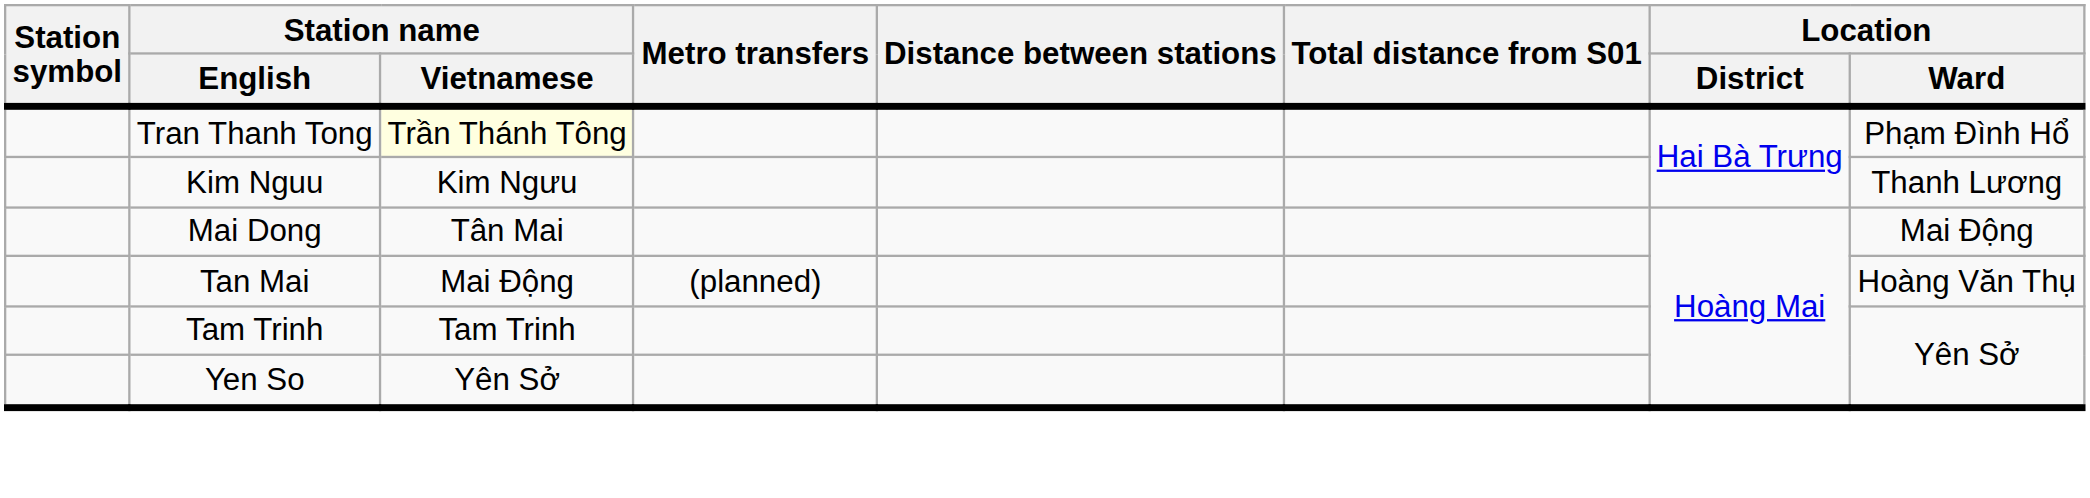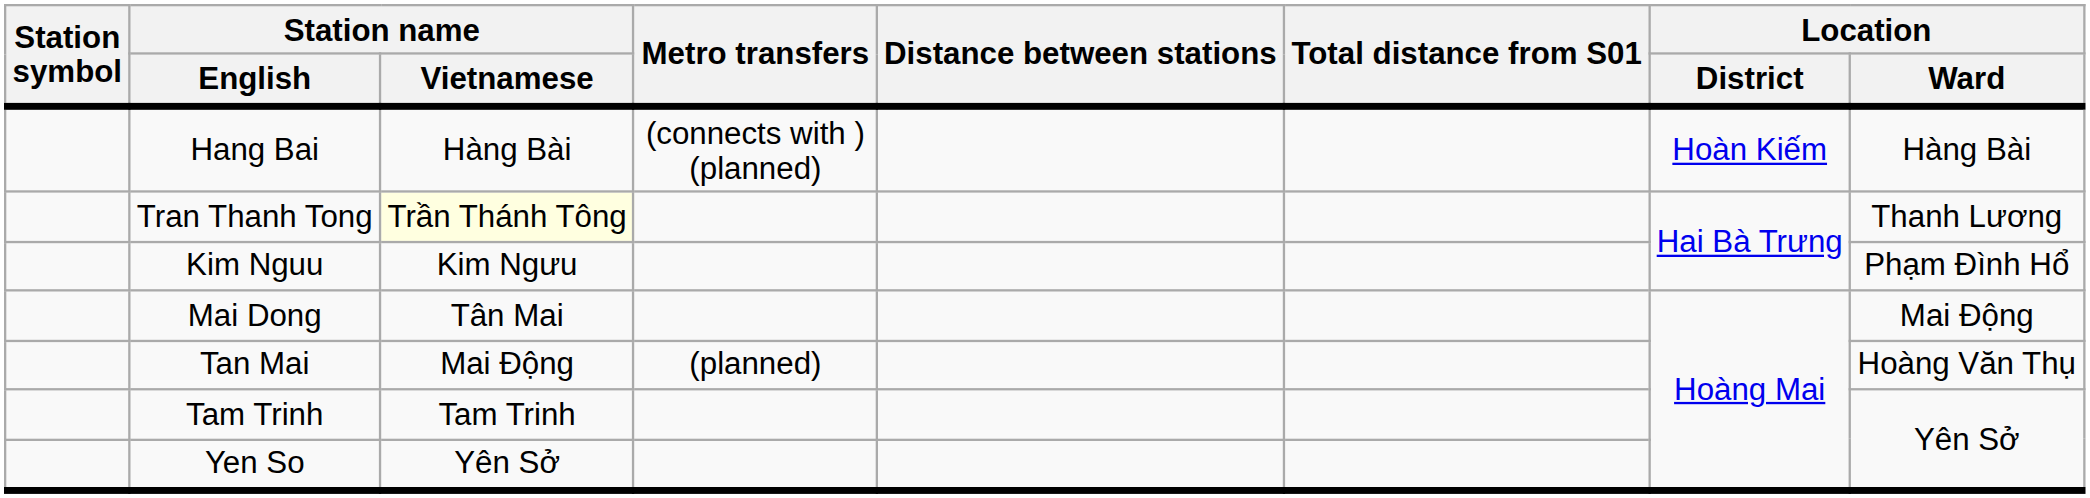 <table class="wikitable" style="font-size: 85%; text-align: center;">
 <tr>
 <th rowspan="2">Station<br>symbol</th>
 <th colspan="2">Station name</th>
 <th rowspan="2">Metro transfers</th>
 <th rowspan="2"><strong>Distance between stations</strong></th>
 <th rowspan="2"><strong>Total distance from S01</strong></th>
 <th colspan="2">Location</th>
 </tr>
 <tr style="border-bottom:solid 0.25em ">
 <th>English</th>
 <th>Vietnamese</th>
 <th>District</th>
 <th>Ward</th>
 </tr>
 <tr>
 <td></td>
+<td>Hang Bai</td>
+<td>Hàng Bài</td>
+<td> (connects with )<br>(planned)</td>
+<td></td>
+<td></td>
+<td><a href='#'>Hoàn Kiếm</a></td>
+<td>Hàng Bài</td>
+</tr>
+<tr>
+<td></td>
 <td>Tran Thanh Tong</td>
 <td style="background: lightyellow;">Trần Thánh Tông</td>
 <td></td>
 <td></td>
 <td></td>
 <td rowspan=2><a href='#'>Hai Bà Trưng</a></td>
-<td>Phạm Đình Hổ</td>
+<td>Thanh Lương</td>
 </tr>
 <tr>
 <td></td>
 <td>Kim Nguu</td>
 <td>Kim Ngưu</td>
 <td></td>
 <td></td>
 <td></td>
-<td>Thanh Lương</td>
+<td>Phạm Đình Hổ</td>
 </tr>
 <tr>
 <td></td>
 <td>Mai Dong</td>
 <td>Tân Mai</td>
 <td></td>
 <td></td>
 <td></td>
 <td rowspan=4><a href='#'>Hoàng Mai</a></td>
 <td>Mai Động</td>
 </tr>
 <tr>
 <td></td>
 <td>Tan Mai</td>
 <td>Mai Động</td>
 <td> (planned)</td>
 <td></td>
 <td></td>
 <td>Hoàng Văn Thụ</td>
 </tr>
 <tr>
 <td></td>
 <td>Tam Trinh</td>
 <td>Tam Trinh</td>
 <td></td>
 <td></td>
 <td></td>
 <td rowspan=2>Yên Sở</td>
 </tr>
 <tr style="border-bottom:solid 0.25em ">
 <td></td>
 <td>Yen So</td>
 <td>Yên Sở</td>
 <td></td>
 <td></td>
 <td></td>
 </tr>
 </table>
